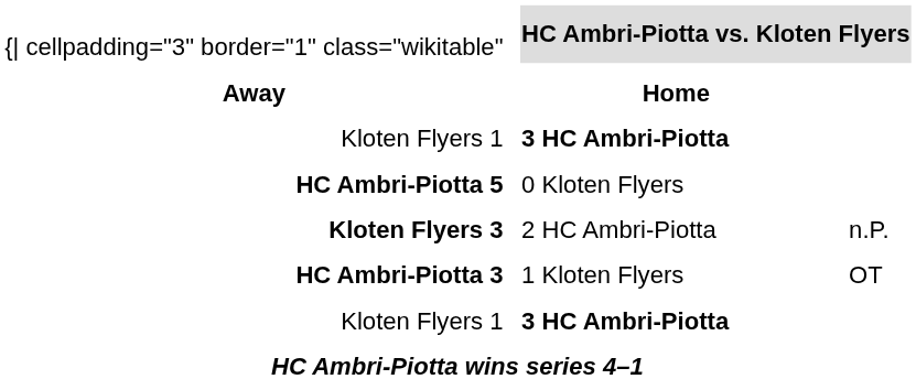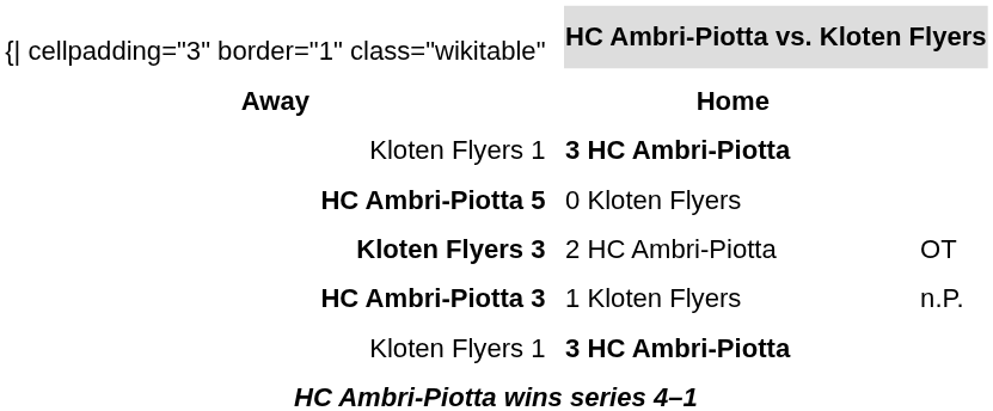 <table cellspacing="10">
 <tr>
 <td valign="top"><br>	{| cellpadding="3" border="1"  class="wikitable"</td>
 <th bgcolor="#DDDDDD" colspan="4">HC Ambri-Piotta vs. Kloten Flyers</th>
 </tr>
 <tr>
 <th>Away</th>
 <th>Home</th>
 </tr>
 <tr>
 <td align = "right">Kloten Flyers 1</td>
 <td><strong>3 HC Ambri-Piotta</strong></td>
 <td> </td>
 </tr>
 <tr>
 <td align = "right"><strong>HC Ambri-Piotta 5</strong></td>
 <td>0 Kloten Flyers</td>
 <td> </td>
 </tr>
 <tr>
 <td align = "right"><strong>Kloten Flyers 3</strong></td>
 <td>2 HC Ambri-Piotta</td>
-<td>n.P.</td>
+<td>OT</td>
 </tr>
 <tr>
 <td align = "right"><strong>HC Ambri-Piotta 3</strong></td>
 <td>1 Kloten Flyers</td>
-<td>OT</td>
+<td>n.P.</td>
 </tr>
 <tr>
 <td align = "right">Kloten Flyers 1</td>
 <td><strong>3 HC Ambri-Piotta</strong></td>
 <td> </td>
 </tr>
 <tr align="center">
 <td colspan="4"><strong><em>HC Ambri-Piotta wins series 4–1</em></strong></td>
 </tr>
 </table>
